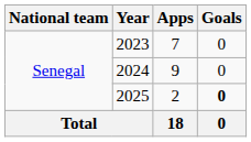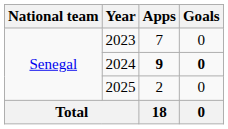 <table class=wikitable style=text-align:center>
 <tr>
 <th>National team</th>
 <th>Year</th>
 <th>Apps</th>
 <th>Goals</th>
 </tr>
 <tr>
 <td rowspan="3"><a href='#'>Senegal</a></td>
 <td>2023</td>
 <td>7</td>
 <td>0</td>
 </tr>
 <tr>
 <td>2024</td>
-<td>9</td>
-<td>0</td>
+<td><strong>9</strong></td>
+<td><strong>0</strong></td>
 </tr>
 <tr>
 <td>2025</td>
 <td>2</td>
-<td><strong>0</strong></td>
+<td>0</td>
 </tr>
 <tr>
 <th colspan="2">Total</th>
 <th>18</th>
 <th>0</th>
 </tr>
 </table>
